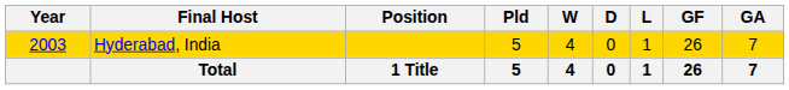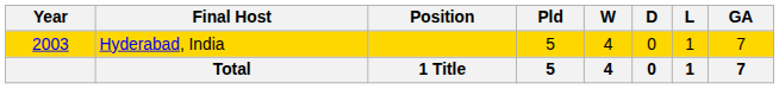 <table class="wikitable" style="text-align: center; width:85%">
 <tr>
 <th>Year</th>
 <th>Final Host</th>
 <th>Position</th>
 <th>Pld</th>
 <th>W</th>
 <th>D</th>
 <th>L</th>
-<th>GF</th>
 <th>GA</th>
 </tr>
 <tr bgcolor=gold>
 <td><a href='#'>2003</a></td>
 <td align=left> <a href='#'>Hyderabad</a>, India</td>
 <td></td>
 <td>5</td>
 <td>4</td>
 <td>0</td>
 <td>1</td>
-<td>26</td>
 <td>7</td>
 </tr>
 <tr>
 <th></th>
 <th>Total</th>
 <th>1 Title</th>
 <th>5</th>
 <th>4</th>
 <th>0</th>
 <th>1</th>
-<th>26</th>
 <th>7</th>
 </tr>
 </table>
